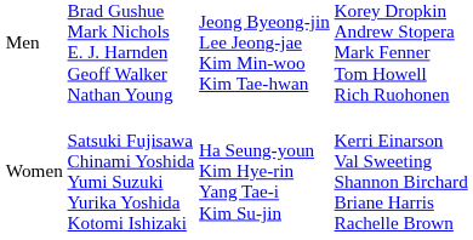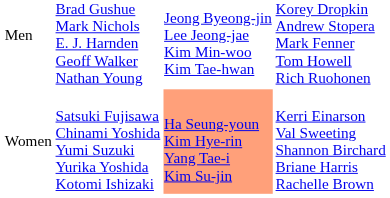 <table>
 <tr>
 <td>Men</td>
 <td><strong></strong><br><a href='#'>Brad Gushue</a><br><a href='#'>Mark Nichols</a><br><a href='#'>E. J. Harnden</a><br><a href='#'>Geoff Walker</a><br><a href='#'>Nathan Young</a></td>
 <td><strong></strong><br><a href='#'>Jeong Byeong-jin</a><br><a href='#'>Lee Jeong-jae</a><br><a href='#'>Kim Min-woo</a><br><a href='#'>Kim Tae-hwan</a></td>
 <td><strong></strong><br><a href='#'>Korey Dropkin</a><br><a href='#'>Andrew Stopera</a><br><a href='#'>Mark Fenner</a><br><a href='#'>Tom Howell</a><br><a href='#'>Rich Ruohonen</a></td>
 </tr>
 <tr>
 <td>Women</td>
 <td><strong></strong><br><a href='#'>Satsuki Fujisawa</a><br><a href='#'>Chinami Yoshida</a><br><a href='#'>Yumi Suzuki</a><br><a href='#'>Yurika Yoshida</a><br><a href='#'>Kotomi Ishizaki</a></td>
-<td><strong></strong><br><a href='#'>Ha Seung-youn</a><br><a href='#'>Kim Hye-rin</a><br><a href='#'>Yang Tae-i</a><br><a href='#'>Kim Su-jin</a></td>
+<td style="background: lightsalmon;"><strong></strong><br><a href='#'>Ha Seung-youn</a><br><a href='#'>Kim Hye-rin</a><br><a href='#'>Yang Tae-i</a><br><a href='#'>Kim Su-jin</a></td>
 <td><strong></strong><br><a href='#'>Kerri Einarson</a><br><a href='#'>Val Sweeting</a><br><a href='#'>Shannon Birchard</a><br><a href='#'>Briane Harris</a><br><a href='#'>Rachelle Brown</a></td>
 </tr>
 </table>
